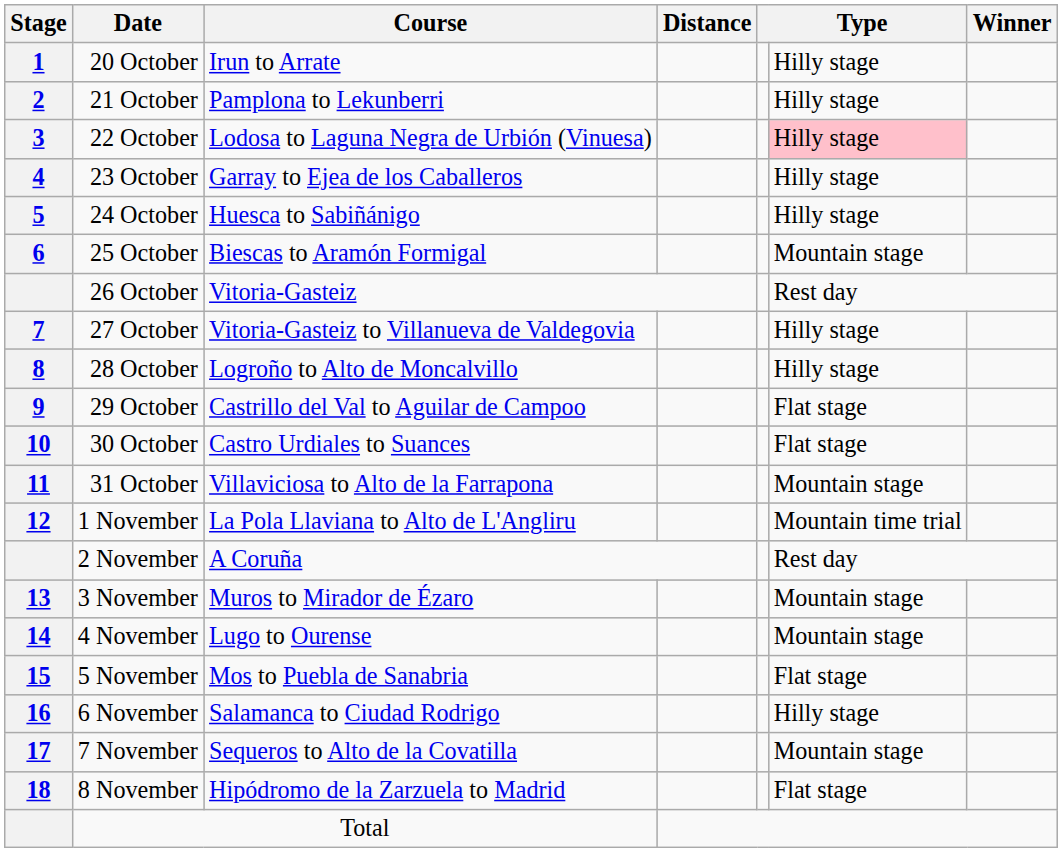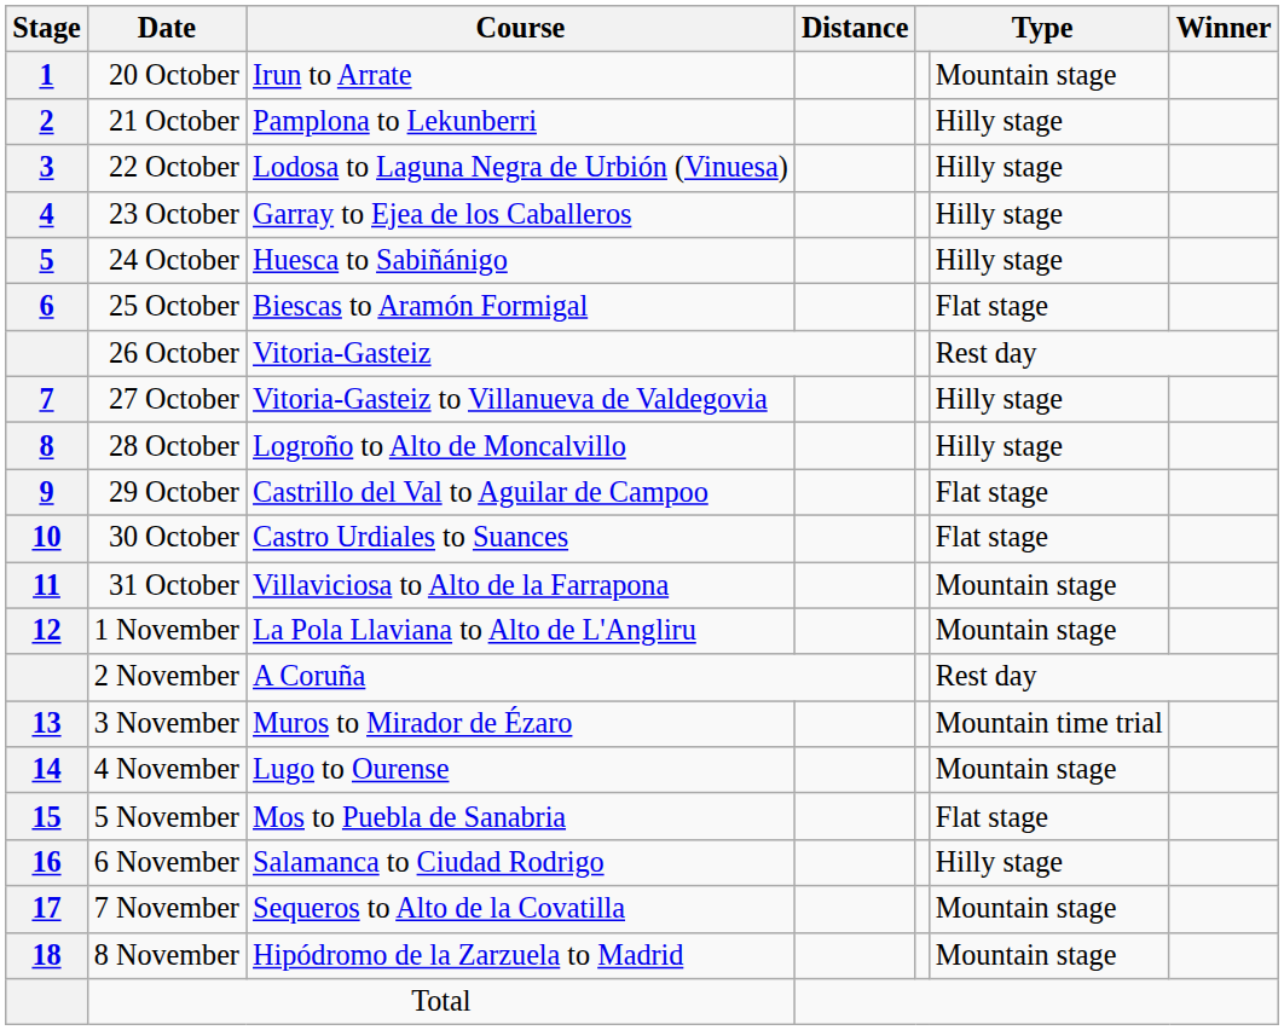 <table class="wikitable">
 <tr>
 <th scope="col">Stage</th>
 <th scope="col">Date</th>
 <th scope="col">Course</th>
 <th scope="col">Distance</th>
 <th scope="col" colspan="2">Type</th>
 <th scope="col">Winner</th>
 </tr>
 <tr>
 <th scope="row"><a href='#'>1</a></th>
 <td style="text-align:right">20 October</td>
 <td><a href='#'>Irun</a> to <a href='#'>Arrate</a></td>
 <td style="text-align:center;"></td>
 <td></td>
-<td>Hilly stage</td>
+<td>Mountain stage</td>
 <td></td>
 </tr>
 <tr>
 <th scope="row"><a href='#'>2</a></th>
 <td style="text-align:right">21 October</td>
 <td><a href='#'>Pamplona</a> to <a href='#'>Lekunberri</a></td>
 <td style="text-align:center;"></td>
 <td></td>
 <td>Hilly stage</td>
 <td></td>
 </tr>
 <tr>
 <th scope="row"><a href='#'>3</a></th>
 <td style="text-align:right">22 October</td>
 <td><a href='#'>Lodosa</a> to <a href='#'>Laguna Negra de Urbión</a> (<a href='#'>Vinuesa</a>)</td>
 <td style="text-align:center;"></td>
 <td></td>
-<td style="background: pink;">Hilly stage</td>
+<td>Hilly stage</td>
 <td></td>
 </tr>
 <tr>
 <th scope="row"><a href='#'>4</a></th>
 <td style="text-align:right">23 October</td>
 <td><a href='#'>Garray</a> to <a href='#'>Ejea de los Caballeros</a></td>
 <td style="text-align:center;"></td>
 <td></td>
 <td>Hilly stage</td>
 <td></td>
 </tr>
 <tr>
 <th scope="row"><a href='#'>5</a></th>
 <td style="text-align:right">24 October</td>
 <td><a href='#'>Huesca</a> to <a href='#'>Sabiñánigo</a></td>
 <td style="text-align:center;"></td>
 <td></td>
 <td>Hilly stage</td>
 <td></td>
 </tr>
 <tr>
 <th scope="row"><a href='#'>6</a></th>
 <td style="text-align:right">25 October</td>
 <td><a href='#'>Biescas</a> to <a href='#'>Aramón Formigal</a></td>
 <td style="text-align:center"></td>
 <td></td>
-<td>Mountain stage</td>
+<td>Flat stage</td>
 <td></td>
 </tr>
 <tr>
 <th></th>
 <td style="text-align:right">26 October</td>
 <td colspan="2" style="text-align:left;"><a href='#'>Vitoria-Gasteiz</a></td>
 <td></td>
 <td colspan="2">Rest day</td>
 </tr>
 <tr>
 <th scope="row"><a href='#'>7</a></th>
 <td style="text-align:right">27 October</td>
 <td><a href='#'>Vitoria-Gasteiz</a> to <a href='#'>Villanueva de Valdegovia</a></td>
 <td style="text-align:center;"></td>
 <td></td>
 <td>Hilly stage</td>
 <td></td>
 </tr>
 <tr>
 <th scope="row"><a href='#'>8</a></th>
 <td style="text-align:right">28 October</td>
 <td><a href='#'>Logroño</a> to <a href='#'>Alto de Moncalvillo</a></td>
 <td style="text-align:center;"></td>
 <td></td>
 <td>Hilly stage</td>
 <td></td>
 </tr>
 <tr>
 <th scope="row"><a href='#'>9</a></th>
 <td style="text-align:right">29 October</td>
 <td><a href='#'>Castrillo del Val</a> to <a href='#'>Aguilar de Campoo</a></td>
 <td style="text-align:center;"></td>
 <td></td>
 <td>Flat stage</td>
 <td></td>
 </tr>
 <tr>
 <th scope="row"><a href='#'>10</a></th>
 <td style="text-align:right">30 October</td>
 <td><a href='#'>Castro Urdiales</a> to <a href='#'>Suances</a></td>
 <td style="text-align:center;"></td>
 <td></td>
 <td>Flat stage</td>
 <td></td>
 </tr>
 <tr>
 <th scope="row"><a href='#'>11</a></th>
 <td style="text-align:right">31 October</td>
 <td><a href='#'>Villaviciosa</a> to <a href='#'>Alto de la Farrapona</a></td>
 <td style="text-align:center;"></td>
 <td></td>
 <td>Mountain stage</td>
 <td></td>
 </tr>
 <tr>
 <th scope="row"><a href='#'>12</a></th>
 <td style="text-align:right">1 November</td>
 <td><a href='#'>La Pola Llaviana</a> to <a href='#'>Alto de L'Angliru</a></td>
 <td style="text-align:center;"></td>
 <td></td>
-<td>Mountain time trial</td>
+<td>Mountain stage</td>
 <td></td>
 </tr>
 <tr>
 <th></th>
 <td style="text-align:right">2 November</td>
 <td colspan="2" style="text-align:left;"><a href='#'>A Coruña</a></td>
 <td></td>
 <td colspan="2">Rest day</td>
 </tr>
 <tr>
 <th scope="row"><a href='#'>13</a></th>
 <td style="text-align:right">3 November</td>
 <td><a href='#'>Muros</a> to <a href='#'>Mirador de Ézaro</a></td>
 <td style="text-align:center;"></td>
 <td></td>
-<td>Mountain stage</td>
+<td>Mountain time trial</td>
 <td></td>
 </tr>
 <tr>
 <th scope="row"><a href='#'>14</a></th>
 <td style="text-align:right">4 November</td>
 <td><a href='#'>Lugo</a> to <a href='#'>Ourense</a></td>
 <td style="text-align:center;"></td>
 <td></td>
 <td>Mountain stage</td>
 <td></td>
 </tr>
 <tr>
 <th scope="row"><a href='#'>15</a></th>
 <td style="text-align:right">5 November</td>
 <td><a href='#'>Mos</a> to <a href='#'>Puebla de Sanabria</a></td>
 <td style="text-align:center;"></td>
 <td></td>
 <td>Flat stage</td>
 <td></td>
 </tr>
 <tr>
 <th scope="row"><a href='#'>16</a></th>
 <td style="text-align:right">6 November</td>
 <td><a href='#'>Salamanca</a> to <a href='#'>Ciudad Rodrigo</a></td>
 <td style="text-align:center;"></td>
 <td></td>
 <td>Hilly stage</td>
 <td></td>
 </tr>
 <tr>
 <th scope="row"><a href='#'>17</a></th>
 <td style="text-align:right">7 November</td>
 <td><a href='#'>Sequeros</a> to <a href='#'>Alto de la Covatilla</a></td>
 <td style="text-align:center;"></td>
 <td></td>
 <td>Mountain stage</td>
 <td></td>
 </tr>
 <tr>
 <th scope="row"><a href='#'>18</a></th>
 <td style="text-align:right">8 November</td>
 <td><a href='#'>Hipódromo de la Zarzuela</a> to <a href='#'>Madrid</a></td>
 <td style="text-align:center;"></td>
 <td></td>
-<td>Flat stage</td>
+<td>Mountain stage</td>
 <td></td>
 </tr>
 <tr>
 <th scope="row"></th>
 <td colspan="2" style="text-align:center">Total</td>
 <td colspan="5" style="text-align:center"></td>
 </tr>
 </table>
